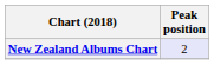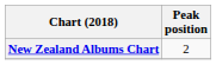 <table class="wikitable sortable plainrowheaders">
 <tr>
 <th scope="col">Chart (2018)</th>
 <th scope="col">Peak<br>position</th>
 </tr>
 <tr>
 <th scope="row"><a href='#'>New Zealand Albums Chart</a></th>
-<td style="background: lavender; text-align:center;">2</td>
+<td style="text-align:center;">2</td>
 </tr>
 <tr>
 </tr>
 </table>
